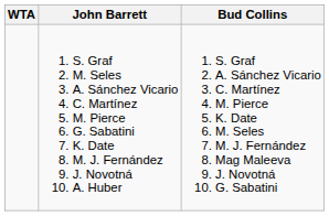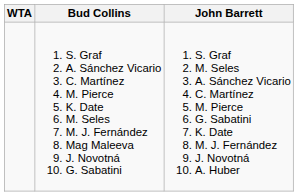 <table class="wikitable">
 <tr>
 <th>WTA</th>
+<th>Bud Collins</th>
 <th>John Barrett</th>
-<th>Bud Collins</th>
 </tr>
 <tr style="vertical-align: top;">
 <td></td>
+<td style="white-space: nowrap;"><br><ol><li> S. Graf</li><li> A. Sánchez Vicario</li><li> C. Martínez</li><li> M. Pierce</li><li> K. Date</li><li> M. Seles</li><li> M. J. Fernández</li><li> Mag Maleeva</li><li> J. Novotná</li><li> G. Sabatini</li></ol></td>
 <td style="white-space: nowrap;"><br><ol><li> S. Graf</li><li> M. Seles</li><li> A. Sánchez Vicario</li><li> C. Martínez</li><li> M. Pierce</li><li> G. Sabatini</li><li> K. Date</li><li> M. J. Fernández</li><li> J. Novotná</li><li> A. Huber</li></ol></td>
-<td style="white-space: nowrap;"><br><ol><li> S. Graf</li><li> A. Sánchez Vicario</li><li> C. Martínez</li><li> M. Pierce</li><li> K. Date</li><li> M. Seles</li><li> M. J. Fernández</li><li> Mag Maleeva</li><li> J. Novotná</li><li> G. Sabatini</li></ol></td>
 </tr>
 </table>
